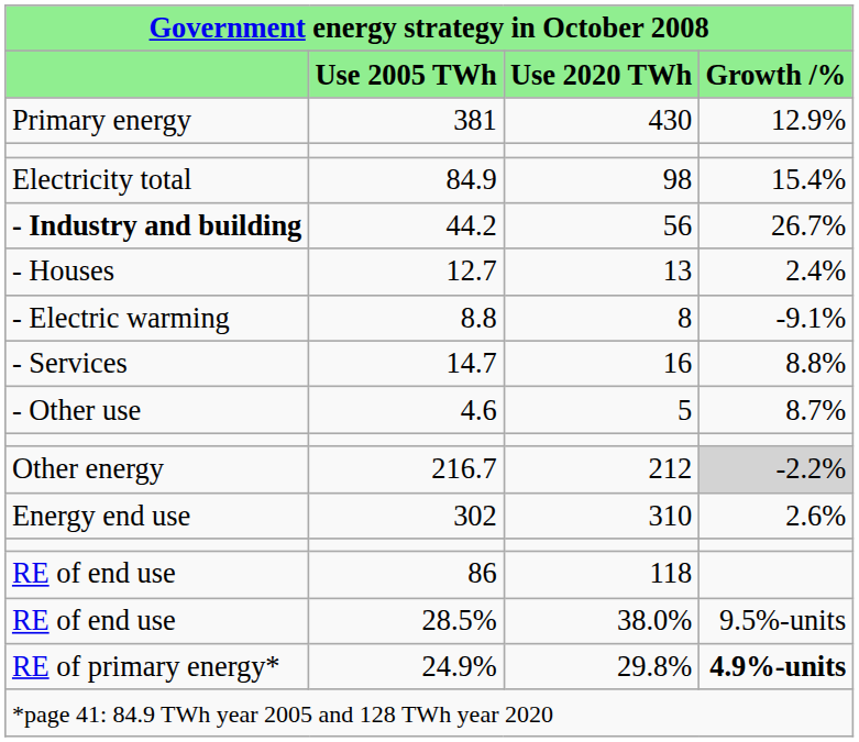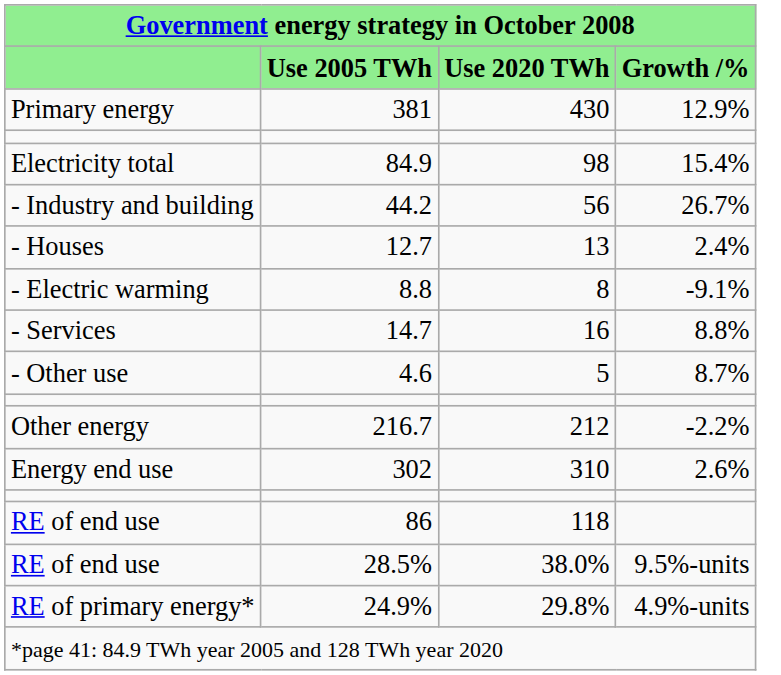 <table class="wikitable" 10px">
 <tr>
 <th colspan="4"  style="text-align:center; background:lightgreen;"><a href='#'>Government</a> energy strategy in October 2008</th>
 </tr>
 <tr ---->
 <th style="background: lightgreen"></th>
 <th style="background: lightgreen">Use 2005 TWh</th>
 <th style="background: lightgreen">Use 2020 TWh</th>
 <th style="background: lightgreen">Growth /%</th>
 </tr>
 <tr>
 <td style="text-align:left;">Primary energy</td>
 <td style="text-align:right;">381</td>
 <td style="text-align:right;">430</td>
 <td style="text-align:right;">12.9%</td>
 </tr>
 <tr>
 <td style="text-align:left;"></td>
 <td style="text-align:right;"></td>
 <td style="text-align:right;"></td>
 <td style="text-align:right;"></td>
 </tr>
 <tr>
 <td style="text-align:left;">Electricity total</td>
 <td style="text-align:right;">84.9</td>
 <td style="text-align:right;">98</td>
 <td style="text-align:right;">15.4%</td>
 </tr>
 <tr>
-<td style="text-align:left;"><strong>- Industry and building</strong></td>
+<td style="text-align:left;">- Industry and building</td>
 <td style="text-align:right;">44.2</td>
 <td style="text-align:right;">56</td>
 <td style="text-align:right;">26.7%</td>
 </tr>
 <tr>
 <td style="text-align:left;">- Houses</td>
 <td style="text-align:right;">12.7</td>
 <td style="text-align:right;">13</td>
 <td style="text-align:right;">2.4%</td>
 </tr>
 <tr>
 <td style="text-align:left;">- Electric warming</td>
 <td style="text-align:right;">8.8</td>
 <td style="text-align:right;">8</td>
 <td style="text-align:right;">-9.1%</td>
 </tr>
 <tr>
 <td style="text-align:left;">- Services</td>
 <td style="text-align:right;">14.7</td>
 <td style="text-align:right;">16</td>
 <td style="text-align:right;">8.8%</td>
 </tr>
 <tr>
 <td style="text-align:left;">- Other use</td>
 <td style="text-align:right;">4.6</td>
 <td style="text-align:right;">5</td>
 <td style="text-align:right;">8.7%</td>
 </tr>
 <tr>
 <td style="text-align:left;"></td>
 <td style="text-align:right;"></td>
 <td style="text-align:right;"></td>
 <td style="text-align:right;"></td>
 </tr>
 <tr>
 <td style="text-align:left;">Other energy</td>
 <td style="text-align:right;">216.7</td>
 <td style="text-align:right;">212</td>
-<td style="background: lightgrey; text-align:right;">-2.2%</td>
+<td style="text-align:right;">-2.2%</td>
 </tr>
 <tr>
 <td style="text-align:left;">Energy end use</td>
 <td style="text-align:right;">302</td>
 <td style="text-align:right;">310</td>
 <td style="text-align:right;">2.6%</td>
 </tr>
 <tr>
 <td style="text-align:left;"></td>
 <td style="text-align:right;"></td>
 <td style="text-align:right;"></td>
 <td style="text-align:right;"></td>
 </tr>
 <tr>
 <td style="text-align:left;"><a href='#'>RE</a> of end use</td>
 <td style="text-align:right;">86</td>
 <td style="text-align:right;">118</td>
 <td style="text-align:right;"></td>
 </tr>
 <tr>
 <td style="text-align:left;"><a href='#'>RE</a> of end use</td>
 <td style="text-align:right;">28.5%</td>
 <td style="text-align:right;">38.0%</td>
 <td style="text-align:right;">9.5%-units</td>
 </tr>
 <tr>
 <td style="text-align:left;"><a href='#'>RE</a> of primary energy*</td>
 <td style="text-align:right;">24.9%</td>
 <td style="text-align:right;">29.8%</td>
-<td style="text-align:right;"><strong>4.9%-units</strong></td>
+<td style="text-align:right;">4.9%-units</td>
 </tr>
 <tr>
 <td style="text-align:left;" colspan="4"><small>*page 41: 84.9 TWh year 2005 and 128 TWh year 2020</small></td>
 </tr>
 </table>
